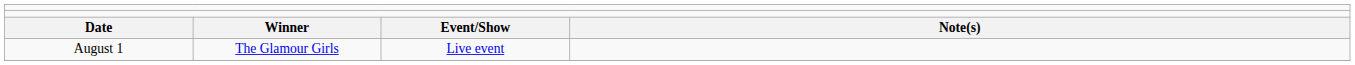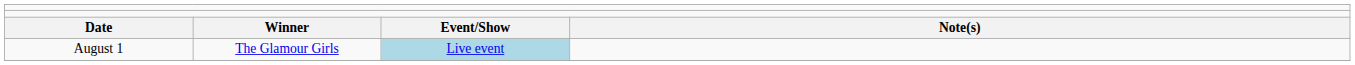 <table class="wikitable" style="text-align:center; width:100%;">
 <tr>
 <td colspan="5"></td>
 </tr>
 <tr>
 <td colspan="5"><strong></strong></td>
 </tr>
 <tr>
 <th width="14%">Date</th>
 <th width="14%">Winner</th>
 <th width="14%">Event/Show</th>
 <th width="58%">Note(s)</th>
 </tr>
 <tr>
 <td>August 1</td>
 <td><a href='#'>The Glamour Girls</a><br></td>
-<td><a href='#'>Live event</a></td>
+<td style="background: lightblue;"><a href='#'>Live event</a></td>
 <td align=left></td>
 </tr>
 <tr>
 </tr>
 </table>
